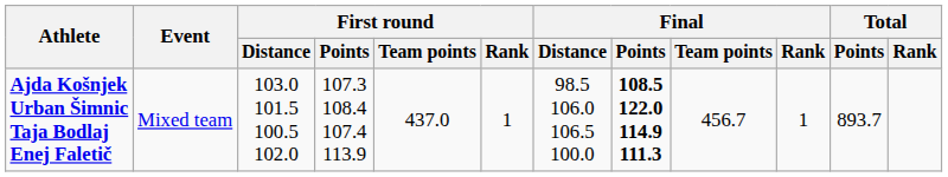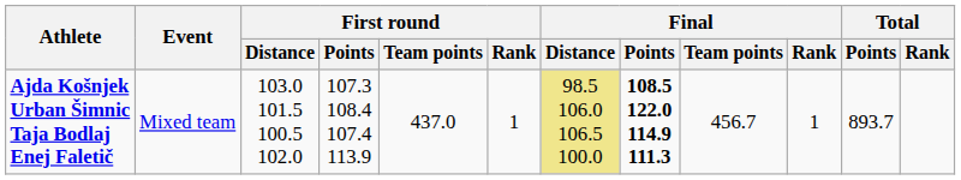 <table class="wikitable" style="font-size:90%">
 <tr>
 <th rowspan=2>Athlete</th>
 <th rowspan=2>Event</th>
 <th colspan="4">First round</th>
 <th colspan="4">Final</th>
 <th colspan=2>Total</th>
 </tr>
 <tr style="font-size:95%">
 <th>Distance</th>
 <th>Points</th>
 <th>Team points</th>
 <th>Rank</th>
 <th>Distance</th>
 <th>Points</th>
 <th>Team points</th>
 <th>Rank</th>
 <th>Points</th>
 <th>Rank</th>
 </tr>
 <tr align=center>
 <td align=left><strong><a href='#'>Ajda Košnjek</a><br><a href='#'>Urban Šimnic</a><br><a href='#'>Taja Bodlaj</a><br><a href='#'>Enej Faletič</a></strong></td>
 <td align=left><a href='#'>Mixed team</a></td>
 <td>103.0<br>101.5<br>100.5<br>102.0</td>
 <td>107.3<br>108.4<br>107.4<br>113.9</td>
 <td>437.0</td>
 <td>1</td>
-<td>98.5<br>106.0<br>106.5<br>100.0</td>
+<td style="background: khaki;">98.5<br>106.0<br>106.5<br>100.0</td>
 <td><strong>108.5<br>122.0<br>114.9<br>111.3</strong></td>
 <td>456.7</td>
 <td>1</td>
 <td>893.7</td>
 <td></td>
 </tr>
 </table>
